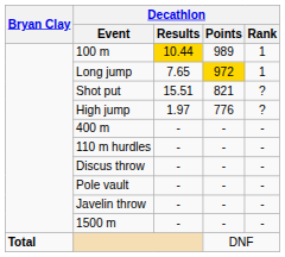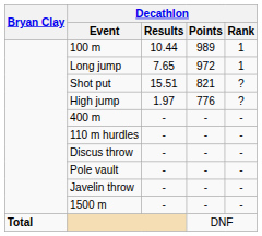 <table class=wikitable style="font-size:90%;">
 <tr>
 <th rowspan="2"><a href='#'>Bryan Clay</a></th>
 <th colspan="4"><a href='#'>Decathlon</a></th>
 </tr>
 <tr>
 <th>Event</th>
 <th>Results</th>
 <th>Points</th>
 <th>Rank</th>
 </tr>
 <tr style="border-top: single;">
 <td rowspan="10"></td>
 <td>100 m</td>
-<td align=center style="background: gold;">10.44</td>
+<td align=center>10.44</td>
 <td align=center>989</td>
 <td align=center>1</td>
 </tr>
 <tr>
 <td>Long jump</td>
 <td align=center>7.65</td>
-<td align=center style="background: gold;">972</td>
+<td align=center>972</td>
 <td align=center>1</td>
 </tr>
 <tr>
 <td>Shot put</td>
 <td align=center>15.51</td>
 <td align=center>821</td>
 <td align=center>?</td>
 </tr>
 <tr>
 <td>High jump</td>
 <td align=center>1.97</td>
 <td align=center>776</td>
 <td align=center>?</td>
 </tr>
 <tr>
 <td>400 m</td>
 <td align=center>-</td>
 <td align=center>-</td>
 <td align=center>-</td>
 </tr>
 <tr>
 <td>110 m hurdles</td>
 <td align=center>-</td>
 <td align=center>-</td>
 <td align=center>-</td>
 </tr>
 <tr>
 <td>Discus throw</td>
 <td align=center>-</td>
 <td align=center>-</td>
 <td align=center>-</td>
 </tr>
 <tr>
 <td>Pole vault</td>
 <td align=center>-</td>
 <td align=center>-</td>
 <td align=center>-</td>
 </tr>
 <tr>
 <td>Javelin throw</td>
 <td align=center>-</td>
 <td align=center>-</td>
 <td align=center>-</td>
 </tr>
 <tr>
 <td>1500 m</td>
 <td align=center>-</td>
 <td align=center>-</td>
 <td align=center>-</td>
 </tr>
 <tr style="border-top: single;">
 <td><strong>Total</strong></td>
 <td colspan="2" style="background:wheat;"></td>
 <td colspan=2 align=center>DNF</td>
 </tr>
 </table>
